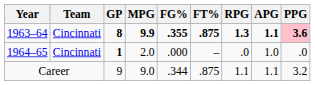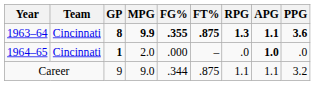 <table class="wikitable sortable" style="font-size:95%; text-align:right;">
 <tr>
 <th>Year</th>
 <th>Team</th>
 <th>GP</th>
 <th>MPG</th>
 <th>FG%</th>
 <th>FT%</th>
 <th>RPG</th>
 <th>APG</th>
 <th>PPG</th>
 </tr>
 <tr>
 <td style="text-align:left;"><a href='#'>1963–64</a></td>
 <td style="text-align:left;"><a href='#'>Cincinnati</a></td>
 <td><strong>8</strong></td>
 <td><strong>9.9</strong></td>
 <td><strong>.355</strong></td>
 <td><strong>.875</strong></td>
 <td><strong>1.3</strong></td>
 <td><strong>1.1</strong></td>
-<td style="background: pink;"><strong>3.6</strong></td>
+<td><strong>3.6</strong></td>
 </tr>
 <tr>
 <td style="text-align:left;"><a href='#'>1964–65</a></td>
 <td style="text-align:left;"><a href='#'>Cincinnati</a></td>
 <td><strong>1</strong></td>
 <td>2.0</td>
 <td>.000</td>
 <td>–</td>
 <td>.0</td>
-<td>1.0</td>
+<td><strong>1.0</strong></td>
 <td>.0</td>
 </tr>
 <tr class="sortbottom">
 <td colspan="2" style="text-align:center;">Career</td>
 <td>9</td>
 <td>9.0</td>
 <td>.344</td>
 <td>.875</td>
 <td>1.1</td>
 <td>1.1</td>
 <td>3.2</td>
 </tr>
 </table>
